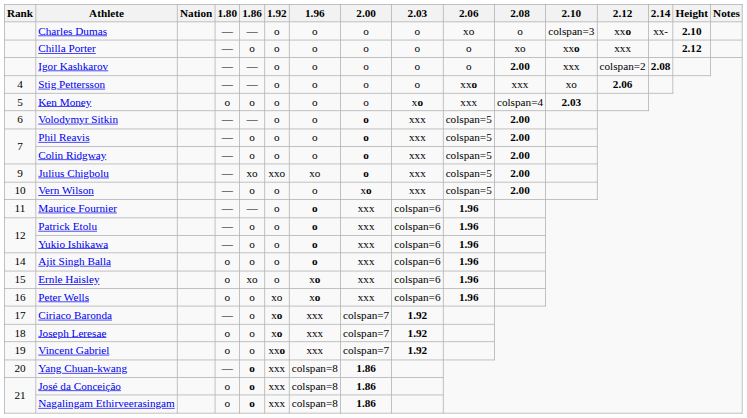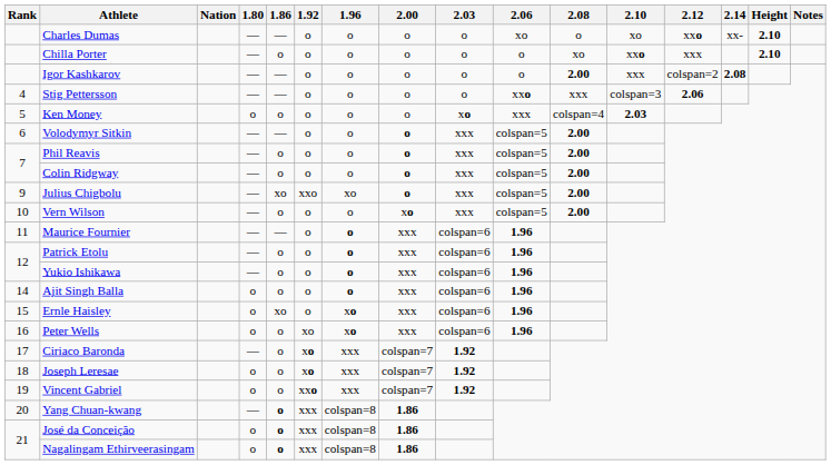 <table class="wikitable sortable" style="text-align:center">
 <tr>
 <th>Rank</th>
 <th>Athlete</th>
 <th>Nation</th>
 <th>1.80</th>
 <th>1.86</th>
 <th>1.92</th>
 <th>1.96</th>
 <th>2.00</th>
 <th>2.03</th>
 <th>2.06</th>
 <th>2.08</th>
 <th>2.10</th>
 <th>2.12</th>
 <th>2.14</th>
 <th>Height</th>
 <th>Notes</th>
 </tr>
 <tr>
 <td></td>
 <td align=left><a href='#'>Charles Dumas</a></td>
 <td align=left></td>
 <td>—</td>
 <td>—</td>
 <td>o</td>
 <td>o</td>
 <td>o</td>
 <td>o</td>
 <td>xo</td>
 <td>o</td>
-<td>colspan=3 </td>
+<td>xo</td>
 <td>xx<strong>o</strong></td>
 <td>xx-</td>
 <td><strong>2.10</strong></td>
 <td></td>
 </tr>
 <tr>
 <td></td>
 <td align=left><a href='#'>Chilla Porter</a></td>
 <td align=left></td>
 <td>—</td>
 <td>o</td>
 <td>o</td>
 <td>o</td>
 <td>o</td>
 <td>o</td>
 <td>o</td>
 <td>xo</td>
 <td>xx<strong>o</strong></td>
 <td>xxx</td>
 <td></td>
-<td><strong>2.12</strong></td>
+<td><strong>2.10</strong></td>
 <td></td>
 </tr>
 <tr>
 <td></td>
 <td align=left><a href='#'>Igor Kashkarov</a></td>
 <td align=left></td>
 <td>—</td>
 <td>—</td>
 <td>o</td>
 <td>o</td>
 <td>o</td>
 <td>o</td>
 <td>o</td>
 <td><strong>2.00</strong></td>
 <td>xxx</td>
 <td>colspan=2 </td>
 <td><strong>2.08</strong></td>
 <td></td>
 </tr>
 <tr>
 <td>4</td>
 <td align=left><a href='#'>Stig Pettersson</a></td>
 <td align=left></td>
 <td>—</td>
 <td>—</td>
 <td>o</td>
 <td>o</td>
 <td>o</td>
 <td>o</td>
 <td>xx<strong>o</strong></td>
 <td>xxx</td>
-<td>xo</td>
+<td>colspan=3 </td>
 <td><strong>2.06</strong></td>
 <td></td>
 </tr>
 <tr>
 <td>5</td>
 <td align=left><a href='#'>Ken Money</a></td>
 <td align=left></td>
 <td>o</td>
 <td>o</td>
 <td>o</td>
 <td>o</td>
 <td>o</td>
 <td>x<strong>o</strong></td>
 <td>xxx</td>
 <td>colspan=4 </td>
 <td><strong>2.03</strong></td>
 <td></td>
 </tr>
 <tr>
 <td>6</td>
 <td align=left><a href='#'>Volodymyr Sitkin</a></td>
 <td align=left></td>
 <td>—</td>
 <td>—</td>
 <td>o</td>
 <td>o</td>
 <td><strong>o</strong></td>
 <td>xxx</td>
 <td>colspan=5 </td>
 <td><strong>2.00</strong></td>
 <td></td>
 </tr>
 <tr>
 <td rowspan=2>7</td>
 <td align=left><a href='#'>Phil Reavis</a></td>
 <td align=left></td>
 <td>—</td>
 <td>o</td>
 <td>o</td>
 <td>o</td>
 <td><strong>o</strong></td>
 <td>xxx</td>
 <td>colspan=5 </td>
 <td><strong>2.00</strong></td>
 <td></td>
 </tr>
 <tr>
 <td align=left><a href='#'>Colin Ridgway</a></td>
 <td align=left></td>
 <td>—</td>
 <td>o</td>
 <td>o</td>
 <td>o</td>
 <td><strong>o</strong></td>
 <td>xxx</td>
 <td>colspan=5 </td>
 <td><strong>2.00</strong></td>
 <td></td>
 </tr>
 <tr>
 <td>9</td>
 <td align=left><a href='#'>Julius Chigbolu</a></td>
 <td align=left></td>
 <td>—</td>
 <td>xo</td>
 <td>xxo</td>
 <td>xo</td>
 <td><strong>o</strong></td>
 <td>xxx</td>
 <td>colspan=5 </td>
 <td><strong>2.00</strong></td>
 <td></td>
 </tr>
 <tr>
 <td>10</td>
 <td align=left><a href='#'>Vern Wilson</a></td>
 <td align=left></td>
 <td>—</td>
 <td>o</td>
 <td>o</td>
 <td>o</td>
 <td>x<strong>o</strong></td>
 <td>xxx</td>
 <td>colspan=5 </td>
 <td><strong>2.00</strong></td>
 <td></td>
 </tr>
 <tr>
 <td>11</td>
 <td align=left><a href='#'>Maurice Fournier</a></td>
 <td align=left></td>
 <td>—</td>
 <td>—</td>
 <td>o</td>
 <td><strong>o</strong></td>
 <td>xxx</td>
 <td>colspan=6 </td>
 <td><strong>1.96</strong></td>
 <td></td>
 </tr>
 <tr>
 <td rowspan=2>12</td>
 <td align=left><a href='#'>Patrick Etolu</a></td>
 <td align=left></td>
 <td>—</td>
 <td>o</td>
 <td>o</td>
 <td><strong>o</strong></td>
 <td>xxx</td>
 <td>colspan=6 </td>
 <td><strong>1.96</strong></td>
 <td></td>
 </tr>
 <tr>
 <td align=left><a href='#'>Yukio Ishikawa</a></td>
 <td align=left></td>
 <td>—</td>
 <td>o</td>
 <td>o</td>
 <td><strong>o</strong></td>
 <td>xxx</td>
 <td>colspan=6 </td>
 <td><strong>1.96</strong></td>
 <td></td>
 </tr>
 <tr>
 <td>14</td>
 <td align=left><a href='#'>Ajit Singh Balla</a></td>
 <td align=left></td>
 <td>o</td>
 <td>o</td>
 <td>o</td>
 <td><strong>o</strong></td>
 <td>xxx</td>
 <td>colspan=6 </td>
 <td><strong>1.96</strong></td>
 <td></td>
 </tr>
 <tr>
 <td>15</td>
 <td align=left><a href='#'>Ernle Haisley</a></td>
 <td align=left></td>
 <td>o</td>
 <td>xo</td>
 <td>o</td>
 <td>x<strong>o</strong></td>
 <td>xxx</td>
 <td>colspan=6 </td>
 <td><strong>1.96</strong></td>
 <td></td>
 </tr>
 <tr>
 <td>16</td>
 <td align=left><a href='#'>Peter Wells</a></td>
 <td align=left></td>
 <td>o</td>
 <td>o</td>
 <td>xo</td>
 <td>x<strong>o</strong></td>
 <td>xxx</td>
 <td>colspan=6 </td>
 <td><strong>1.96</strong></td>
 <td></td>
 </tr>
 <tr>
 <td>17</td>
 <td align=left><a href='#'>Ciriaco Baronda</a></td>
 <td align=left></td>
 <td>—</td>
 <td>o</td>
 <td>x<strong>o</strong></td>
 <td>xxx</td>
 <td>colspan=7 </td>
 <td><strong>1.92</strong></td>
 <td></td>
 </tr>
 <tr>
 <td>18</td>
 <td align=left><a href='#'>Joseph Leresae</a></td>
 <td align=left></td>
 <td>o</td>
 <td>o</td>
 <td>x<strong>o</strong></td>
 <td>xxx</td>
 <td>colspan=7 </td>
 <td><strong>1.92</strong></td>
 <td></td>
 </tr>
 <tr>
 <td>19</td>
 <td align=left><a href='#'>Vincent Gabriel</a></td>
 <td align=left></td>
 <td>o</td>
 <td>o</td>
 <td>xx<strong>o</strong></td>
 <td>xxx</td>
 <td>colspan=7 </td>
 <td><strong>1.92</strong></td>
 <td></td>
 </tr>
 <tr>
 <td>20</td>
 <td align=left><a href='#'>Yang Chuan-kwang</a></td>
 <td align=left></td>
 <td>—</td>
 <td><strong>o</strong></td>
 <td>xxx</td>
 <td>colspan=8 </td>
 <td><strong>1.86</strong></td>
 <td></td>
 </tr>
 <tr>
 <td rowspan=2>21</td>
 <td align=left><a href='#'>José da Conceição</a></td>
 <td align=left></td>
 <td>o</td>
 <td><strong>o</strong></td>
 <td>xxx</td>
 <td>colspan=8 </td>
 <td><strong>1.86</strong></td>
 <td></td>
 </tr>
 <tr>
 <td align=left><a href='#'>Nagalingam Ethirveerasingam</a></td>
 <td align=left></td>
 <td>o</td>
 <td><strong>o</strong></td>
 <td>xxx</td>
 <td>colspan=8 </td>
 <td><strong>1.86</strong></td>
 <td></td>
 </tr>
 </table>
